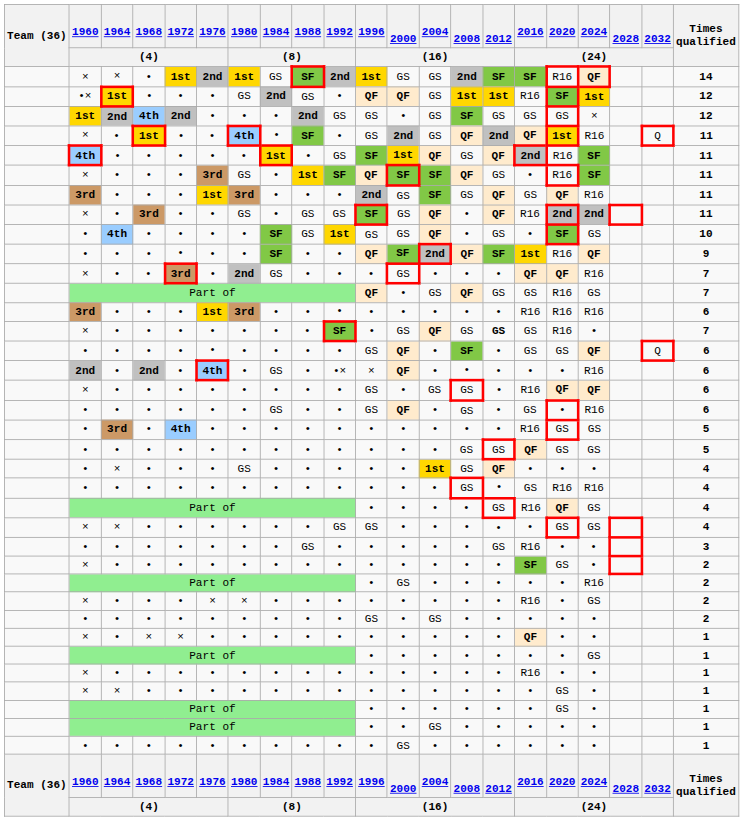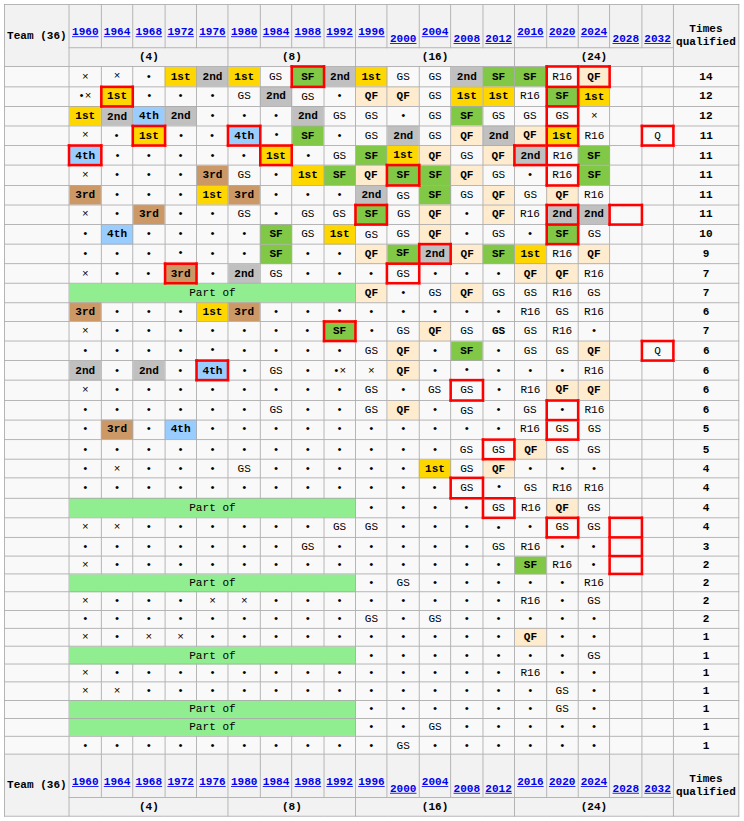 <table class="wikitable sortable" style="text-align: center">
 <tr>
 <th rowspan=2>Team (36)</th>
 <th class="unsortable"><br><a href='#'>1960</a></th>
 <th class="unsortable"><br><a href='#'>1964</a></th>
 <th class="unsortable"><br><a href='#'>1968</a></th>
 <th class="unsortable"><br><a href='#'>1972</a></th>
 <th class="unsortable"><br><a href='#'>1976</a></th>
 <th class="unsortable"><br><a href='#'>1980</a></th>
 <th class="unsortable"><br><a href='#'>1984</a></th>
 <th class="unsortable"><br><a href='#'>1988</a></th>
 <th class="unsortable"><br><a href='#'>1992</a></th>
 <th class="unsortable"><br><a href='#'>1996</a></th>
 <th class="unsortable"><br> <br><a href='#'>2000</a></th>
 <th class="unsortable"><br><a href='#'>2004</a></th>
 <th class="unsortable"><br>  <br><a href='#'>2008</a></th>
 <th class="unsortable"><br> <br><a href='#'>2012</a></th>
 <th class="unsortable"><br><a href='#'>2016</a></th>
 <th class="unsortable"><br><a href='#'>2020</a></th>
 <th class="unsortable"><br><a href='#'>2024</a></th>
 <th class="unsortable"><br> <br><a href='#'>2028</a></th>
 <th class="unsortable"><br><br><a href='#'>2032</a></th>
 <th rowspan=2>Times<br>qualified</th>
 </tr>
 <tr>
 <th colspan=5>(4)</th>
 <th colspan=4>(8)</th>
 <th colspan=5>(16)</th>
 <th colspan=5>(24)</th>
 </tr>
 <tr>
 <td align="left"></td>
 <td>×</td>
 <td>×</td>
 <td>•</td>
 <td style="background:gold"><strong>1st</strong></td>
 <td style="background:silver"><strong>2nd</strong></td>
 <td style="background:gold"><strong>1st</strong></td>
 <td>GS</td>
 <td style="border:3px solid red; background:#81c846"><strong>SF</strong></td>
 <td style="background:silver"><strong>2nd</strong></td>
 <td style="background:gold"><strong>1st</strong></td>
 <td>GS</td>
 <td>GS</td>
 <td style="background:silver"><strong>2nd</strong></td>
 <td style="background:#81c846"><strong>SF</strong></td>
 <td style="background:#81c846"><strong>SF</strong></td>
 <td style="border:3px solid red">R16</td>
 <td style="border:3px solid red; background:#ffebcd"><strong>QF</strong></td>
 <td></td>
 <td></td>
 <td><strong>14</strong></td>
 </tr>
 <tr>
 <td align="left"></td>
 <td>•×</td>
 <td style="border:3px solid red; background:gold"><strong>1st</strong></td>
 <td>•</td>
 <td>•</td>
 <td>•</td>
 <td>GS</td>
 <td style="background:silver"><strong>2nd</strong></td>
 <td>GS</td>
 <td>•</td>
 <td style="background:#ffebcd"><strong>QF</strong></td>
 <td style="background:#ffebcd"><strong>QF</strong></td>
 <td>GS</td>
 <td style="background:gold"><strong>1st</strong></td>
 <td style="background:gold"><strong>1st</strong></td>
 <td>R16</td>
 <td style="border:3px solid red; background:#81c846"><strong>SF</strong></td>
 <td style="background:gold"><strong>1st</strong></td>
 <td></td>
 <td></td>
 <td><strong>12</strong></td>
 </tr>
 <tr>
 <td align="left"></td>
 <td style="background:gold"><strong>1st</strong></td>
 <td style="background:silver"><strong>2nd</strong></td>
 <td style="background:#9acdff"><strong>4th</strong></td>
 <td style="background:silver"><strong>2nd</strong></td>
 <td>•</td>
 <td>•</td>
 <td>•</td>
 <td style="background:silver"><strong>2nd</strong></td>
 <td>GS</td>
 <td>GS</td>
 <td>•</td>
 <td>GS</td>
 <td style="background:#81c846"><strong>SF</strong></td>
 <td>GS</td>
 <td>GS</td>
 <td style="border:3px solid red">GS</td>
 <td>×</td>
 <td></td>
 <td></td>
 <td><strong>12</strong></td>
 </tr>
 <tr>
 <td align="left"></td>
 <td>×</td>
 <td>•</td>
 <td style="border:3px solid red; background:gold"><strong>1st</strong></td>
 <td>•</td>
 <td>•</td>
 <td style="border:3px solid red; background:#9acdff"><strong>4th</strong></td>
 <td>•</td>
 <td style="background:#81c846"><strong>SF</strong></td>
 <td>•</td>
 <td>GS</td>
 <td style="background:silver"><strong>2nd</strong></td>
 <td>GS</td>
 <td style="background:#ffebcd"><strong>QF</strong></td>
 <td style="background:silver"><strong>2nd</strong></td>
 <td style="background:#ffebcd"><strong>QF</strong></td>
 <td style="border:3px solid red; background:gold"><strong>1st</strong></td>
 <td>R16</td>
 <td></td>
 <td style="border:3px solid red">Q</td>
 <td><strong>11</strong></td>
 </tr>
 <tr>
 <td align="left"></td>
 <td style="border:3px solid red; background:#9acdff"><strong>4th</strong></td>
 <td>•</td>
 <td>•</td>
 <td>•</td>
 <td>•</td>
 <td>•</td>
 <td style="border:3px solid red; background:gold"><strong>1st</strong></td>
 <td>•</td>
 <td>GS</td>
 <td style="background:#81c846"><strong>SF</strong></td>
 <td style="background:gold"><strong>1st</strong></td>
 <td style="background:#ffebcd"><strong>QF</strong></td>
 <td>GS</td>
 <td style="background:#ffebcd"><strong>QF</strong></td>
 <td style="border:3px solid red; background:silver"><strong>2nd</strong></td>
 <td>R16</td>
 <td style="background:#81c846"><strong>SF</strong></td>
 <td></td>
 <td></td>
 <td><strong>11</strong></td>
 </tr>
 <tr>
 <td align="left"></td>
 <td>×</td>
 <td>•</td>
 <td>•</td>
 <td>•</td>
 <td style="background:#cc9966"><strong>3rd</strong></td>
 <td>GS</td>
 <td>•</td>
 <td style="background:gold"><strong>1st</strong></td>
 <td style="background:#81c846"><strong>SF</strong></td>
 <td style="background:#ffebcd"><strong>QF</strong></td>
 <td style="border:3px solid red; background:#81c846"><strong>SF</strong></td>
 <td style="background:#81c846"><strong>SF</strong></td>
 <td style="background:#ffebcd"><strong>QF</strong></td>
 <td>GS</td>
 <td>•</td>
 <td style="border:3px solid red">R16</td>
 <td style="background:#81c846"><strong>SF</strong></td>
 <td></td>
 <td></td>
 <td><strong>11</strong></td>
 </tr>
 <tr>
 <td align="left"></td>
 <td style="background:#cc9966"><strong>3rd</strong></td>
 <td>•</td>
 <td>•</td>
 <td>•</td>
 <td style="background:gold"><strong>1st</strong></td>
 <td style="background:#cc9966"><strong>3rd</strong></td>
 <td>•</td>
 <td>•</td>
 <td>•</td>
 <td style="background:silver"><strong>2nd</strong></td>
 <td>GS</td>
 <td style="background:#81c846"><strong>SF</strong></td>
 <td>GS</td>
 <td style="background:#ffebcd"><strong>QF</strong></td>
 <td>GS</td>
 <td style="background:#ffebcd"><strong>QF</strong></td>
 <td>R16</td>
 <td></td>
 <td></td>
 <td><strong>11</strong></td>
 </tr>
 <tr>
 <td align=left></td>
 <td>×</td>
 <td>•</td>
 <td style="background:#cc9966"><strong>3rd</strong></td>
 <td>•</td>
 <td>•</td>
 <td>GS</td>
 <td>•</td>
 <td>GS</td>
 <td>GS</td>
 <td style="border:3px solid red; background:#81c846"><strong>SF</strong></td>
 <td>GS</td>
 <td style="background:#ffebcd"><strong>QF</strong></td>
 <td>•</td>
 <td style="background:#ffebcd"><strong>QF</strong></td>
 <td>R16</td>
 <td style="border:3px solid red; background:silver"><strong>2nd</strong></td>
 <td style="background:silver"><strong>2nd</strong></td>
 <td style="border:3px solid red"></td>
 <td></td>
 <td><strong>11</strong></td>
 </tr>
 <tr>
 <td align="left"></td>
 <td>•</td>
 <td style="background:#9acdff"><strong>4th</strong></td>
 <td>•</td>
 <td>•</td>
 <td>•</td>
 <td>•</td>
 <td style="background:#81c846"><strong>SF</strong></td>
 <td>GS</td>
 <td style="background:gold"><strong>1st</strong></td>
 <td>GS</td>
 <td>GS</td>
 <td style="background:#ffebcd"><strong>QF</strong></td>
 <td>•</td>
 <td>GS</td>
 <td>•</td>
 <td style="border:3px solid red; background:#81c846"><strong>SF</strong></td>
 <td>GS</td>
 <td></td>
 <td></td>
 <td><strong>10</strong></td>
 </tr>
 <tr>
 <td align="left"></td>
 <td>•</td>
 <td>•</td>
 <td>•</td>
 <td>•</td>
 <td>•</td>
 <td>•</td>
 <td style="background:#81c846"><strong>SF</strong></td>
 <td>•</td>
 <td>•</td>
 <td style="background:#ffebcd"><strong>QF</strong></td>
 <td style="background:#81c846"><strong>SF</strong></td>
 <td style="border:3px solid red; background:silver"><strong>2nd</strong></td>
 <td style="background:#ffebcd"><strong>QF</strong></td>
 <td style="background:#81c846"><strong>SF</strong></td>
 <td style="background:gold"><strong>1st</strong></td>
 <td>R16</td>
 <td style="background:#ffebcd"><strong>QF</strong></td>
 <td></td>
 <td></td>
 <td><strong>9</strong></td>
 </tr>
 <tr>
 <td align="left"></td>
 <td>×</td>
 <td>•</td>
 <td>•</td>
 <td style="border:3px solid red; background:#cc9966"><strong>3rd</strong></td>
 <td>•</td>
 <td style="background:silver"><strong>2nd</strong></td>
 <td>GS</td>
 <td>•</td>
 <td>•</td>
 <td>•</td>
 <td style="border:3px solid red">GS</td>
 <td>•</td>
 <td>•</td>
 <td>•</td>
 <td style="background:#ffebcd"><strong>QF</strong></td>
 <td style="background:#ffebcd"><strong>QF</strong></td>
 <td>R16</td>
 <td></td>
 <td></td>
 <td><strong>7</strong></td>
 </tr>
 <tr>
 <td align="left"></td>
 <td colspan="9" bgcolor="lightgreen">Part of </td>
 <td style="background:#ffebcd"><strong>QF</strong></td>
 <td>•</td>
 <td>GS</td>
 <td style="background:#ffebcd"><strong>QF</strong></td>
 <td>GS</td>
 <td>GS</td>
 <td>R16</td>
 <td>GS</td>
 <td></td>
 <td></td>
 <td><strong>7</strong></td>
 </tr>
 <tr>
 <td align="left"></td>
 <td style="background:#cc9966"><strong>3rd</strong></td>
 <td>•</td>
 <td>•</td>
 <td>•</td>
 <td style="background:gold"><strong>1st</strong></td>
 <td style="background:#cc9966"><strong>3rd</strong></td>
 <td>•</td>
 <td>•</td>
 <td>•</td>
 <td>•</td>
 <td>•</td>
 <td>•</td>
 <td>•</td>
 <td>•</td>
 <td>R16</td>
-<td>R16</td>
+<td>GS</td>
 <td>R16</td>
 <td></td>
 <td></td>
 <td><strong>6</strong></td>
 </tr>
 <tr>
 <td align="left"></td>
 <td>×</td>
 <td>•</td>
 <td>•</td>
 <td>•</td>
 <td>•</td>
 <td>•</td>
 <td>•</td>
 <td>•</td>
 <td style="border:3px solid red; background:#81c846"><strong>SF</strong></td>
 <td>•</td>
 <td>GS</td>
 <td style="background:#ffebcd"><strong>QF</strong></td>
 <td>GS</td>
 <td><strong>GS</strong></td>
 <td>GS</td>
 <td>R16</td>
 <td>•</td>
 <td></td>
 <td></td>
 <td><strong>7</strong></td>
 </tr>
 <tr>
 <td align="left"></td>
 <td>•</td>
 <td>•</td>
 <td>•</td>
 <td>•</td>
 <td>•</td>
 <td>•</td>
 <td>•</td>
 <td>•</td>
 <td>•</td>
 <td>GS</td>
 <td style="background:#ffebcd"><strong>QF</strong></td>
 <td>•</td>
 <td style="background:#81c846"><strong>SF</strong></td>
 <td>•</td>
 <td>GS</td>
 <td>GS</td>
 <td style="background:#ffebcd"><strong>QF</strong></td>
 <td></td>
 <td style="border:3px solid red">Q</td>
 <td><strong>6</strong></td>
 </tr>
 <tr>
 <td align="left"></td>
 <td style="background:silver"><strong>2nd</strong></td>
 <td>•</td>
 <td style="background:silver"><strong>2nd</strong></td>
 <td>•</td>
 <td style="border:3px solid red; background:#9acdff"><strong>4th</strong></td>
 <td>•</td>
 <td>GS</td>
 <td>•</td>
 <td>•×</td>
 <td>×</td>
 <td style="background:#ffebcd"><strong>QF</strong></td>
 <td>•</td>
 <td>•</td>
 <td>•</td>
 <td>•</td>
 <td>•</td>
 <td>R16</td>
 <td></td>
 <td></td>
 <td><strong>6</strong></td>
 </tr>
 <tr>
 <td align="left"></td>
 <td>×</td>
 <td>•</td>
 <td>•</td>
 <td>•</td>
 <td>•</td>
 <td>•</td>
 <td>•</td>
 <td>•</td>
 <td>•</td>
 <td>GS</td>
 <td>•</td>
 <td>GS</td>
 <td style="border:3px solid red">GS</td>
 <td>•</td>
 <td>R16</td>
 <td style="background:#ffebcd"><strong>QF</strong></td>
 <td style="background:#ffebcd"><strong>QF</strong></td>
 <td></td>
 <td></td>
 <td><strong>6</strong></td>
 </tr>
 <tr>
 <td align="left"></td>
 <td>•</td>
 <td>•</td>
 <td>•</td>
 <td>•</td>
 <td>•</td>
 <td>•</td>
 <td>GS</td>
 <td>•</td>
 <td>•</td>
 <td>GS</td>
 <td style="background:#ffebcd"><strong>QF</strong></td>
 <td>•</td>
 <td>GS</td>
 <td>•</td>
 <td>GS</td>
 <td style="border:3px solid red">•</td>
 <td>R16</td>
 <td></td>
 <td></td>
 <td><strong>6</strong></td>
 </tr>
 <tr>
 <td align="left"></td>
 <td>•</td>
 <td style="background:#cc9966"><strong>3rd</strong></td>
 <td>•</td>
 <td style="background:#9acdff"><strong>4th</strong></td>
 <td>•</td>
 <td>•</td>
 <td>•</td>
 <td>•</td>
 <td>•</td>
 <td>•</td>
 <td>•</td>
 <td>•</td>
 <td>•</td>
 <td>•</td>
 <td>R16</td>
 <td style="border:3px solid red">GS</td>
 <td>GS</td>
 <td></td>
 <td></td>
 <td><strong>5</strong></td>
 </tr>
 <tr>
 <td align="left"></td>
 <td>•</td>
 <td>•</td>
 <td>•</td>
 <td>•</td>
 <td>•</td>
 <td>•</td>
 <td>•</td>
 <td>•</td>
 <td>•</td>
 <td>•</td>
 <td>•</td>
 <td>•</td>
 <td>GS</td>
 <td style="border:3px solid red">GS</td>
 <td style="background:#ffebcd"><strong>QF</strong></td>
 <td>GS</td>
 <td>GS</td>
 <td></td>
 <td></td>
 <td><strong>5</strong></td>
 </tr>
 <tr>
 <td align="left"></td>
 <td>•</td>
 <td>×</td>
 <td>•</td>
 <td>•</td>
 <td>•</td>
 <td>GS</td>
 <td>•</td>
 <td>•</td>
 <td>•</td>
 <td>•</td>
 <td>•</td>
 <td style="background:gold"><strong>1st</strong></td>
 <td>GS</td>
 <td style="background:#ffebcd"><strong>QF</strong></td>
 <td>•</td>
 <td>•</td>
 <td>•</td>
 <td></td>
 <td></td>
 <td><strong>4</strong></td>
 </tr>
 <tr>
 <td align="left"></td>
 <td>•</td>
 <td>•</td>
 <td>•</td>
 <td>•</td>
 <td>•</td>
 <td>•</td>
 <td>•</td>
 <td>•</td>
 <td>•</td>
 <td>•</td>
 <td>•</td>
 <td>•</td>
 <td style="border:3px solid red">GS</td>
 <td>•</td>
 <td>GS</td>
 <td>R16</td>
 <td>R16</td>
 <td></td>
 <td></td>
 <td><strong>4</strong></td>
 </tr>
 <tr>
 <td align="left"></td>
 <td colspan="9" bgcolor="lightgreen">Part of </td>
 <td>•</td>
 <td>•</td>
 <td>•</td>
 <td>•</td>
 <td style="border:3px solid red">GS</td>
 <td>R16</td>
 <td style="background:#ffebcd"><strong>QF</strong></td>
 <td>GS</td>
 <td></td>
 <td></td>
 <td><strong>4</strong></td>
 </tr>
 <tr>
 <td align="left"></td>
 <td>×</td>
 <td>×</td>
 <td>•</td>
 <td>•</td>
 <td>•</td>
 <td>•</td>
 <td>•</td>
 <td>•</td>
 <td>GS</td>
 <td>GS</td>
 <td>•</td>
 <td>•</td>
 <td>•</td>
 <td>•</td>
 <td>•</td>
 <td style="border:3px solid red">GS</td>
 <td>GS</td>
 <td style="border:3px solid red"></td>
 <td></td>
 <td><strong>4</strong></td>
 </tr>
 <tr>
 <td align="left"></td>
 <td>•</td>
 <td>•</td>
 <td>•</td>
 <td>•</td>
 <td>•</td>
 <td>•</td>
 <td>•</td>
 <td>GS</td>
 <td>•</td>
 <td>•</td>
 <td>•</td>
 <td>•</td>
 <td>•</td>
 <td>GS</td>
 <td>R16</td>
 <td>•</td>
 <td>•</td>
 <td style="border:3px solid red"></td>
 <td></td>
 <td><strong>3</strong></td>
 </tr>
 <tr>
 <td align="left"></td>
 <td>×</td>
 <td>•</td>
 <td>•</td>
 <td>•</td>
 <td>•</td>
 <td>•</td>
 <td>•</td>
 <td>•</td>
 <td>•</td>
 <td>•</td>
 <td>•</td>
 <td>•</td>
 <td>•</td>
 <td>•</td>
 <td style="background:#81c846"><strong>SF</strong></td>
-<td>GS</td>
+<td>R16</td>
 <td>•</td>
 <td style="border:3px solid red"></td>
 <td></td>
 <td><strong>2</strong></td>
 </tr>
 <tr>
 <td align="left"></td>
 <td colspan="9" bgcolor="lightgreen">Part of </td>
 <td>•</td>
 <td>GS</td>
 <td>•</td>
 <td>•</td>
 <td>•</td>
 <td>•</td>
 <td>•</td>
 <td>R16</td>
 <td></td>
 <td></td>
 <td><strong>2</strong></td>
 </tr>
 <tr>
 <td align="left"></td>
 <td>×</td>
 <td>•</td>
 <td>•</td>
 <td>•</td>
 <td>×</td>
 <td>×</td>
 <td>•</td>
 <td>•</td>
 <td>•</td>
 <td>•</td>
 <td>•</td>
 <td>•</td>
 <td>•</td>
 <td>•</td>
 <td>R16</td>
 <td>•</td>
 <td>GS</td>
 <td></td>
 <td></td>
 <td><strong>2</strong></td>
 </tr>
 <tr>
 <td align="left"></td>
 <td>•</td>
 <td>•</td>
 <td>•</td>
 <td>•</td>
 <td>•</td>
 <td>•</td>
 <td>•</td>
 <td>•</td>
 <td>•</td>
 <td>GS</td>
 <td>•</td>
 <td>GS</td>
 <td>•</td>
 <td>•</td>
 <td>•</td>
 <td>•</td>
 <td>•</td>
 <td></td>
 <td></td>
 <td><strong>2</strong></td>
 </tr>
 <tr>
 <td align="left"></td>
 <td>×</td>
 <td>•</td>
 <td>×</td>
 <td>×</td>
 <td>•</td>
 <td>•</td>
 <td>•</td>
 <td>•</td>
 <td>•</td>
 <td>•</td>
 <td>•</td>
 <td>•</td>
 <td>•</td>
 <td>•</td>
 <td style="background:#ffebcd"><strong>QF</strong></td>
 <td>•</td>
 <td>•</td>
 <td></td>
 <td></td>
 <td><strong>1</strong></td>
 </tr>
 <tr>
 <td align="left"></td>
 <td colspan="9" bgcolor="lightgreen">Part of </td>
 <td>•</td>
 <td>•</td>
 <td>•</td>
 <td>•</td>
 <td>•</td>
 <td>•</td>
 <td>•</td>
 <td>GS</td>
 <td></td>
 <td></td>
 <td><strong>1</strong></td>
 </tr>
 <tr>
 <td align="left"></td>
 <td>×</td>
 <td>•</td>
 <td>•</td>
 <td>•</td>
 <td>•</td>
 <td>•</td>
 <td>•</td>
 <td>•</td>
 <td>•</td>
 <td>•</td>
 <td>•</td>
 <td>•</td>
 <td>•</td>
 <td>•</td>
 <td>R16</td>
 <td>•</td>
 <td>•</td>
 <td></td>
 <td></td>
 <td><strong>1</strong></td>
 </tr>
 <tr>
 <td align="left"></td>
 <td>×</td>
 <td>×</td>
 <td>•</td>
 <td>•</td>
 <td>•</td>
 <td>•</td>
 <td>•</td>
 <td>•</td>
 <td>•</td>
 <td>•</td>
 <td>•</td>
 <td>•</td>
 <td>•</td>
 <td>•</td>
 <td>•</td>
 <td>GS</td>
 <td>•</td>
 <td></td>
 <td></td>
 <td><strong>1</strong></td>
 </tr>
 <tr>
 <td align="left"></td>
 <td colspan="9" bgcolor="lightgreen">Part of </td>
 <td>•</td>
 <td>•</td>
 <td>•</td>
 <td>•</td>
 <td>•</td>
 <td>•</td>
 <td>GS</td>
 <td>•</td>
 <td></td>
 <td></td>
 <td><strong>1</strong></td>
 </tr>
 <tr>
 <td align="left"></td>
 <td colspan="9" bgcolor="lightgreen">Part of </td>
 <td>•</td>
 <td>•</td>
 <td>GS</td>
 <td>•</td>
 <td>•</td>
 <td>•</td>
 <td>•</td>
 <td>•</td>
 <td></td>
 <td></td>
 <td><strong>1</strong></td>
 </tr>
 <tr>
 <td align="left"></td>
 <td>•</td>
 <td>•</td>
 <td>•</td>
 <td>•</td>
 <td>•</td>
 <td>•</td>
 <td>•</td>
 <td>•</td>
 <td>•</td>
 <td>•</td>
 <td>GS</td>
 <td>•</td>
 <td>•</td>
 <td>•</td>
 <td>•</td>
 <td>•</td>
 <td>•</td>
 <td></td>
 <td></td>
 <td><strong>1</strong></td>
 </tr>
 <tr>
 <th rowspan=2>Team (36)</th>
 <th class="unsortable"><br><a href='#'>1960</a></th>
 <th class="unsortable"><br><a href='#'>1964</a></th>
 <th class="unsortable"><br><a href='#'>1968</a></th>
 <th class="unsortable"><br><a href='#'>1972</a></th>
 <th class="unsortable"><br><a href='#'>1976</a></th>
 <th class="unsortable"><br><a href='#'>1980</a></th>
 <th class="unsortable"><br><a href='#'>1984</a></th>
 <th class="unsortable"><br><a href='#'>1988</a></th>
 <th class="unsortable"><br><a href='#'>1992</a></th>
 <th class="unsortable"><br><a href='#'>1996</a></th>
 <th class="unsortable"><br> <br><a href='#'>2000</a></th>
 <th class="unsortable"><br><a href='#'>2004</a></th>
 <th class="unsortable"><br>  <br><a href='#'>2008</a></th>
 <th class="unsortable"><br> <br><a href='#'>2012</a></th>
 <th class="unsortable"><br><a href='#'>2016</a></th>
 <th class="unsortable"><br><a href='#'>2020</a></th>
 <th class="unsortable"><br><a href='#'>2024</a></th>
 <th class="unsortable"><br> <br><a href='#'>2028</a></th>
 <th class="unsortable"><br><br><a href='#'>2032</a></th>
 <th rowspan=2>Times<br>qualified</th>
 </tr>
 <tr>
 <th colspan=5>(4)</th>
 <th colspan=4>(8)</th>
 <th colspan=5>(16)</th>
 <th colspan=5>(24)</th>
 </tr>
 </table>
